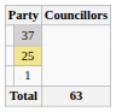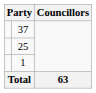 <table class="wikitable">
 <tr>
 <th colspan=2>Party</th>
 <th>Councillors</th>
 </tr>
 <tr>
 <td></td>
-<td align=center style="background: lightgrey;">37</td>
+<td align=center>37</td>
 </tr>
 <tr>
 <td></td>
-<td align=center style="background: khaki;">25</td>
+<td align=center>25</td>
 </tr>
 <tr>
 <td></td>
 <td align=center>1</td>
 </tr>
 <tr>
 <th colspan=2>Total</th>
 <th>63</th>
 </tr>
 </table>
